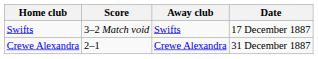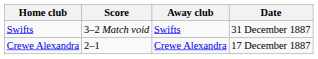 <table class="wikitable">
 <tr>
 <th>Home club</th>
 <th>Score</th>
 <th>Away club</th>
 <th>Date</th>
 </tr>
 <tr>
 <td><a href='#'>Swifts</a></td>
 <td>3–2 <em>Match void</em></td>
 <td><a href='#'>Swifts</a></td>
-<td>17 December 1887</td>
+<td>31 December 1887</td>
 </tr>
 <tr>
 <td><a href='#'>Crewe Alexandra</a></td>
 <td>2–1</td>
 <td><a href='#'>Crewe Alexandra</a></td>
-<td>31 December 1887</td>
+<td>17 December 1887</td>
 </tr>
 </table>
